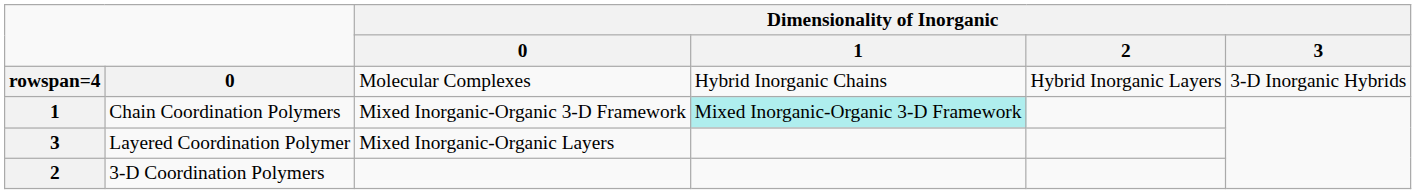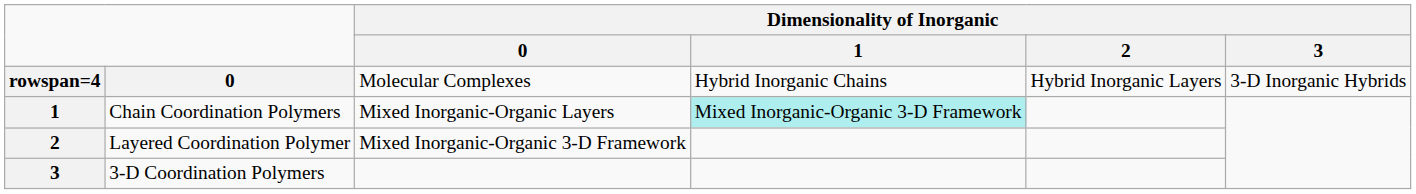 <table class="wikitable">
 <tr>
 <td colspan="2" rowspan="2"></td>
 <th colspan="4">Dimensionality of Inorganic</th>
 </tr>
 <tr>
 <th>0</th>
 <th>1</th>
 <th>2</th>
 <th>3</th>
 </tr>
 <tr>
 <th>rowspan=4 </th>
 <th>0</th>
 <td>Molecular Complexes</td>
 <td>Hybrid Inorganic Chains</td>
 <td>Hybrid Inorganic Layers</td>
 <td>3-D Inorganic Hybrids</td>
 </tr>
 <tr>
 <th>1</th>
 <td>Chain Coordination Polymers</td>
-<td>Mixed Inorganic-Organic 3-D Framework</td>
+<td>Mixed Inorganic-Organic Layers</td>
 <td style="background: paleturquoise;">Mixed Inorganic-Organic 3-D Framework</td>
 <td></td>
 </tr>
 <tr>
-<th>3</th>
+<th>2</th>
 <td>Layered Coordination Polymer</td>
-<td>Mixed Inorganic-Organic Layers</td>
+<td>Mixed Inorganic-Organic 3-D Framework</td>
 <td></td>
 <td></td>
 </tr>
 <tr>
-<th>2</th>
+<th>3</th>
 <td>3-D Coordination Polymers</td>
 <td></td>
 <td></td>
 <td></td>
 </tr>
 </table>
